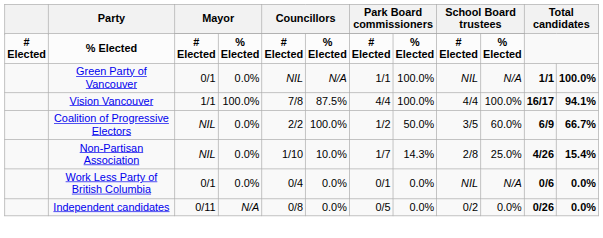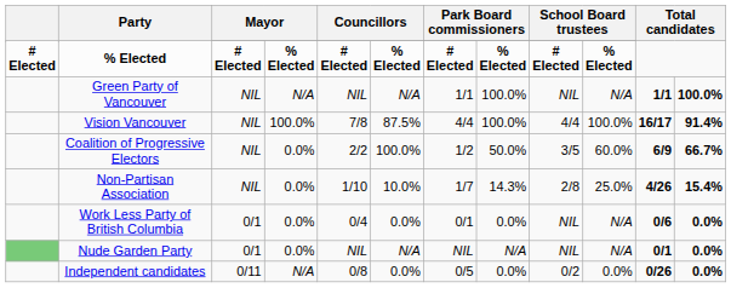 <table class="wikitable" style="text-align:center; margin:5px">
 <tr>
 <th rowspan="2" style="width:0.05%;"></th>
 <th rowspan="2" style="width:30%;">Party</th>
 <th colspan="2" style="width:10%;">Mayor</th>
 <th colspan="2" style="width:10%;">Councillors</th>
 <th colspan="2" style="width:10%;">Park Board commissioners</th>
 <th colspan="2" style="width:10%;">School Board trustees</th>
 <th colspan="2" style="width:10%;">Total candidates</th>
 </tr>
 <tr>
 </tr>
 <tr bgcolor=#fcfcfc>
 <td style="text-align: center;"><strong># Elected</strong></td>
 <td style="text-align: center;"><strong>% Elected</strong></td>
 <td style="text-align: center;"><strong># Elected</strong></td>
 <td style="text-align: center;"><strong>% Elected</strong></td>
 <td style="text-align: center;"><strong># Elected</strong></td>
 <td style="text-align: center;"><strong>% Elected</strong></td>
 <td style="text-align: center;"><strong># Elected</strong></td>
 <td style="text-align: center;"><strong>% Elected</strong></td>
 <td style="text-align: center;"><strong># Elected</strong></td>
 <td style="text-align: center;"><strong>% Elected</strong></td>
 </tr>
 <tr>
 <td style="background:"></td>
 <td><a href='#'>Green Party of Vancouver</a></td>
-<td style="text-align: right;">0/1</td>
-<td style="text-align: right;">0.0%</td>
+<td style="text-align: right;"><em>NIL</em></td>
+<td style="text-align: right;"><em>N/A</em></td>
 <td style="text-align: right;"><em>NIL</em></td>
 <td style="text-align: right;"><em>N/A</em></td>
 <td style="text-align: right;">1/1</td>
 <td style="text-align: right;">100.0%</td>
 <td style="text-align: right;"><em>NIL</em></td>
 <td style="text-align: right;"><em>N/A</em></td>
 <td style="text-align: right;"><strong>1/1</strong></td>
 <td style="text-align: right;"><strong>100.0%</strong></td>
 </tr>
 <tr>
 <td style="background:"></td>
 <td><a href='#'>Vision Vancouver</a></td>
-<td style="text-align: right;">1/1</td>
+<td style="text-align: right;"><em>NIL</em></td>
 <td style="text-align: right;">100.0%</td>
 <td style="text-align: right;">7/8</td>
 <td style="text-align: right;">87.5%</td>
 <td style="text-align: right;">4/4</td>
 <td style="text-align: right;">100.0%</td>
 <td style="text-align: right;">4/4</td>
 <td style="text-align: right;">100.0%</td>
 <td style="text-align: right;"><strong>16/17</strong></td>
-<td style="text-align: right;"><strong>94.1%</strong></td>
+<td style="text-align: right;"><strong>91.4%</strong></td>
 </tr>
 <tr>
 <td style="background:"></td>
 <td><a href='#'>Coalition of Progressive Electors</a></td>
 <td style="text-align: right;"><em>NIL</em></td>
 <td style="text-align: right;">0.0%</td>
 <td style="text-align: right;">2/2</td>
 <td style="text-align: right;">100.0%</td>
 <td style="text-align: right;">1/2</td>
 <td style="text-align: right;">50.0%</td>
 <td style="text-align: right;">3/5</td>
 <td style="text-align: right;">60.0%</td>
 <td style="text-align: right;"><strong>6/9</strong></td>
 <td style="text-align: right;"><strong>66.7%</strong></td>
 </tr>
 <tr>
 <td style="background:"></td>
 <td><a href='#'>Non-Partisan Association</a></td>
 <td style="text-align: right;"><em>NIL</em></td>
 <td style="text-align: right;">0.0%</td>
 <td style="text-align: right;">1/10</td>
 <td style="text-align: right;">10.0%</td>
 <td style="text-align: right;">1/7</td>
 <td style="text-align: right;">14.3%</td>
 <td style="text-align: right;">2/8</td>
 <td style="text-align: right;">25.0%</td>
 <td style="text-align: right;"><strong>4/26</strong></td>
 <td style="text-align: right;"><strong>15.4%</strong></td>
 </tr>
 <tr>
 <td style="background:"></td>
 <td><a href='#'>Work Less Party of British Columbia</a></td>
 <td style="text-align: right;">0/1</td>
 <td style="text-align: right;">0.0%</td>
 <td style="text-align: right;">0/4</td>
 <td style="text-align: right;">0.0%</td>
 <td style="text-align: right;">0/1</td>
 <td style="text-align: right;">0.0%</td>
 <td style="text-align: right;"><em>NIL</em></td>
 <td style="text-align: right;"><em>N/A</em></td>
 <td style="text-align: right;"><strong>0/6</strong></td>
 <td style="text-align: right;"><strong>0.0%</strong></td>
 </tr>
 <tr>
+<td style="background:#78CA78;"></td>
+<td><a href='#'>Nude Garden Party</a></td>
+<td style="text-align: right;">0/1</td>
+<td style="text-align: right;">0.0%</td>
+<td style="text-align: right;"><em>NIL</em></td>
+<td style="text-align: right;"><em>N/A</em></td>
+<td style="text-align: right;"><em>NIL</em></td>
+<td style="text-align: right;"><em>N/A</em></td>
+<td style="text-align: right;"><em>NIL</em></td>
+<td style="text-align: right;"><em>N/A</em></td>
+<td style="text-align: right;"><strong>0/1</strong></td>
+<td style="text-align: right;"><strong>0.0%</strong></td>
+</tr>
+<tr>
 <td style="background:"></td>
 <td><a href='#'>Independent candidates</a></td>
 <td style="text-align: right;">0/11</td>
 <td style="text-align: right;"><em>N/A</em></td>
 <td style="text-align: right;">0/8</td>
 <td style="text-align: right;">0.0%</td>
 <td style="text-align: right;">0/5</td>
 <td style="text-align: right;">0.0%</td>
 <td style="text-align: right;">0/2</td>
 <td style="text-align: right;">0.0%</td>
 <td style="text-align: right;"><strong>0/26</strong></td>
 <td style="text-align: right;"><strong>0.0%</strong></td>
 </tr>
 </table>
